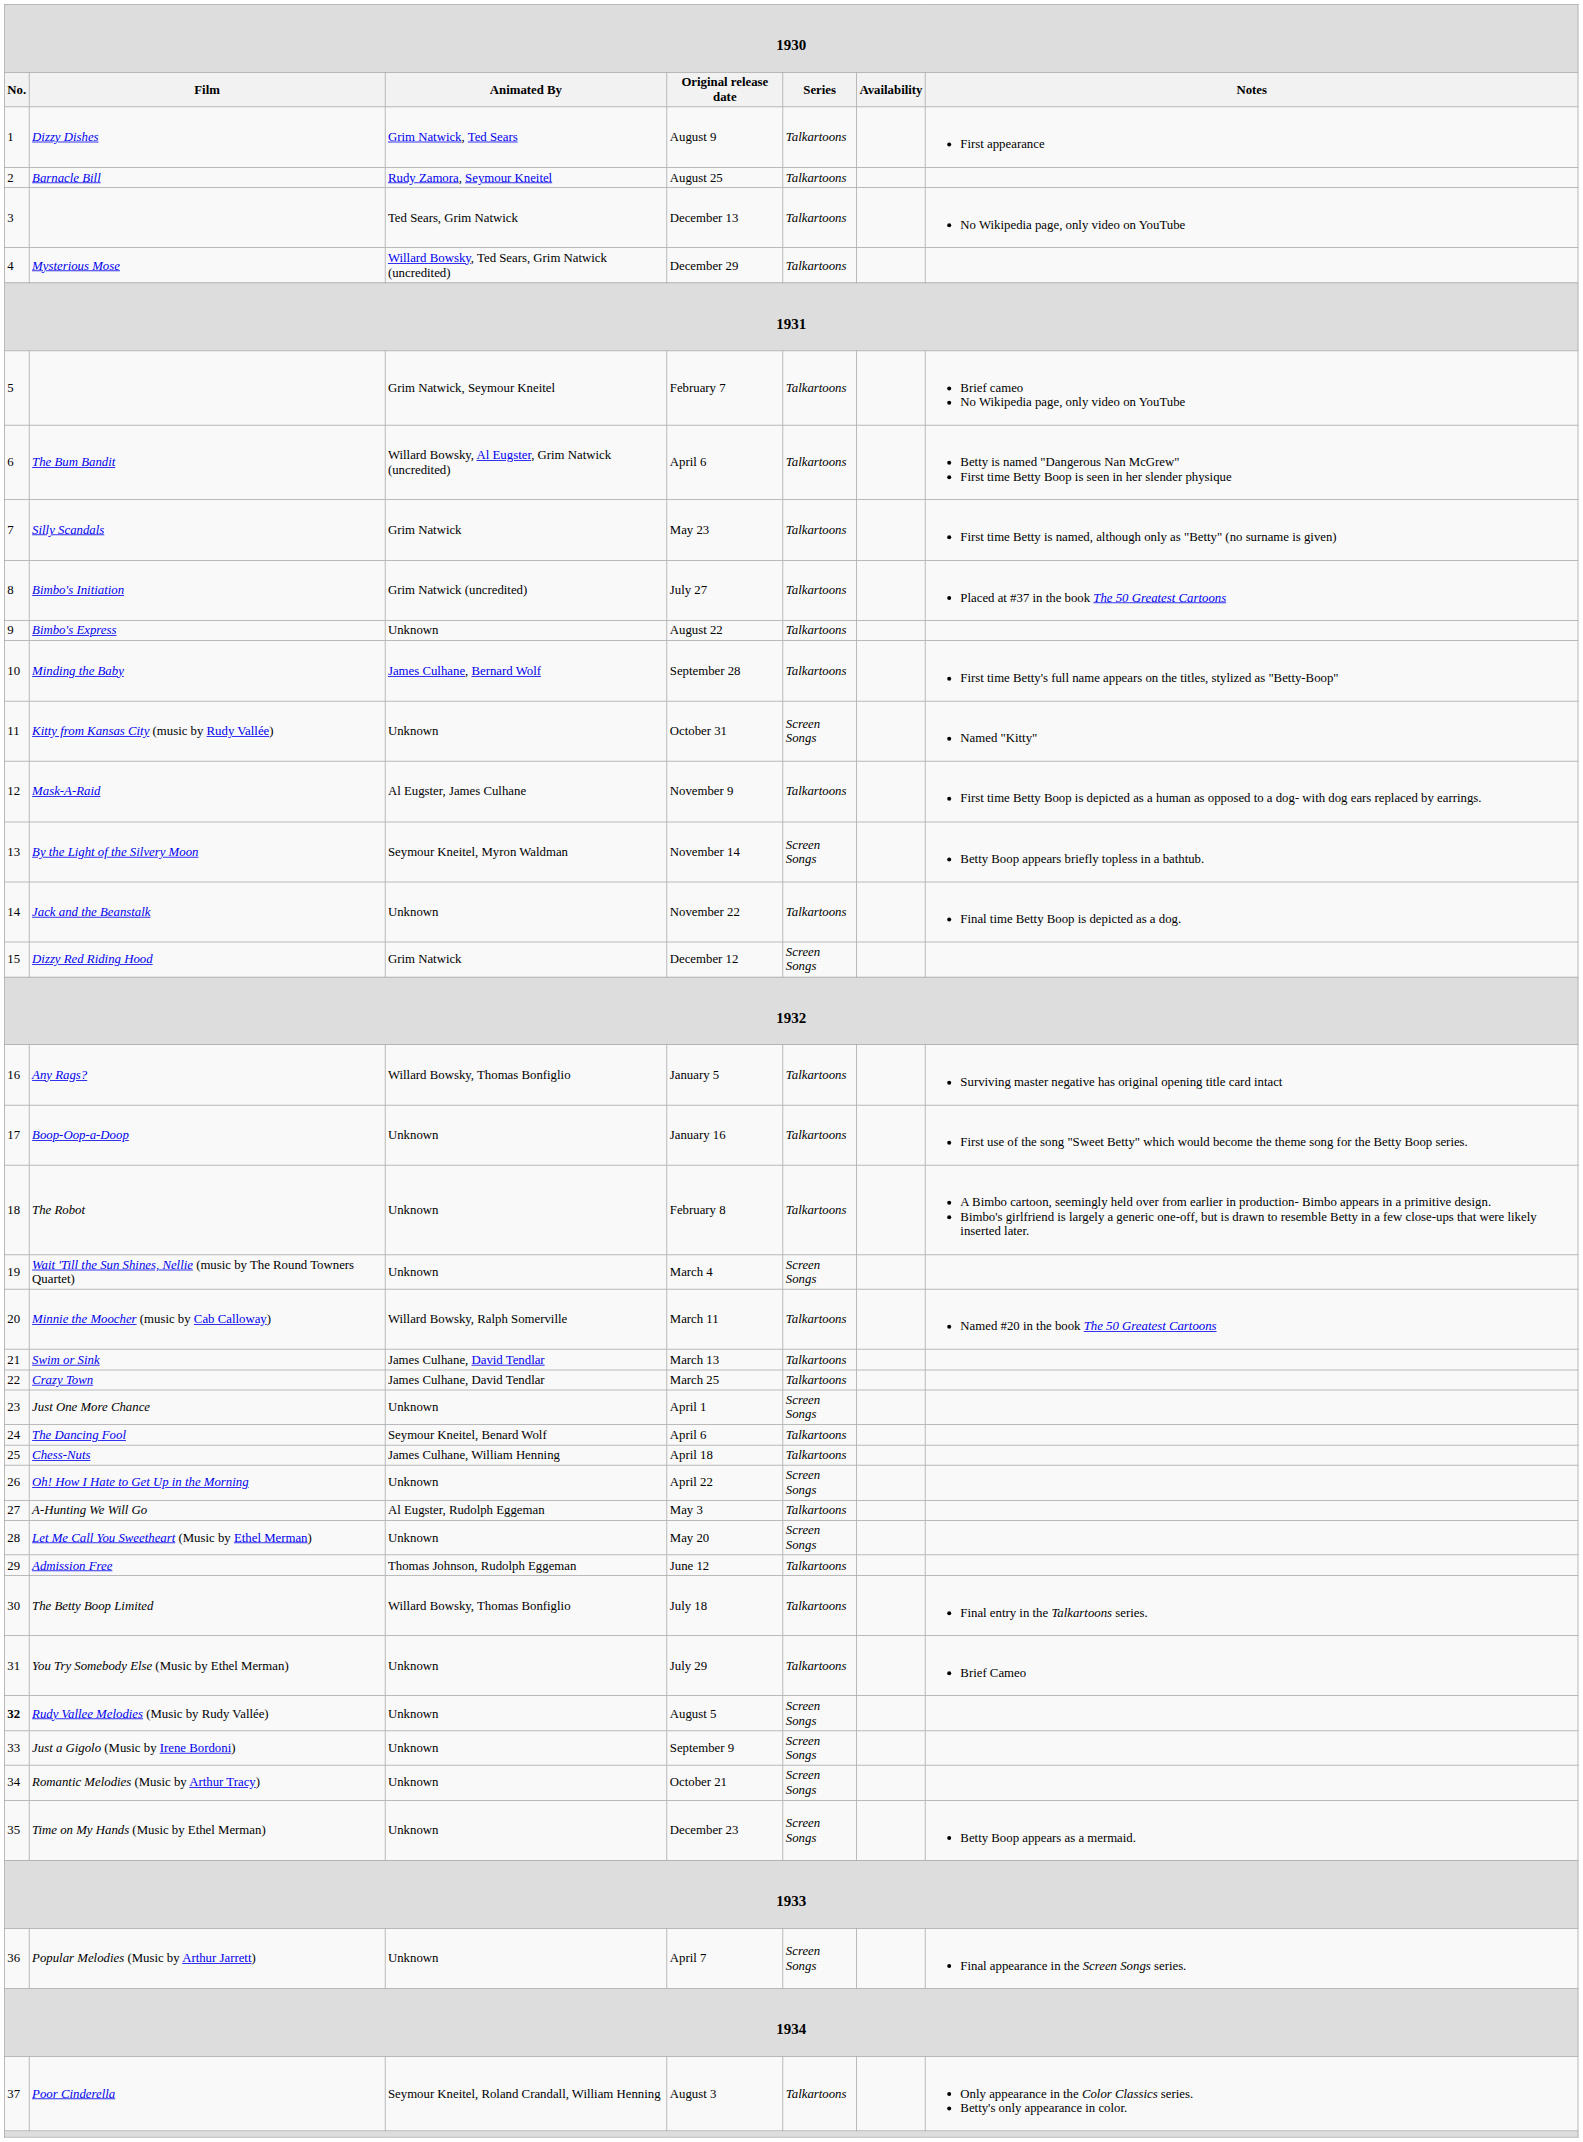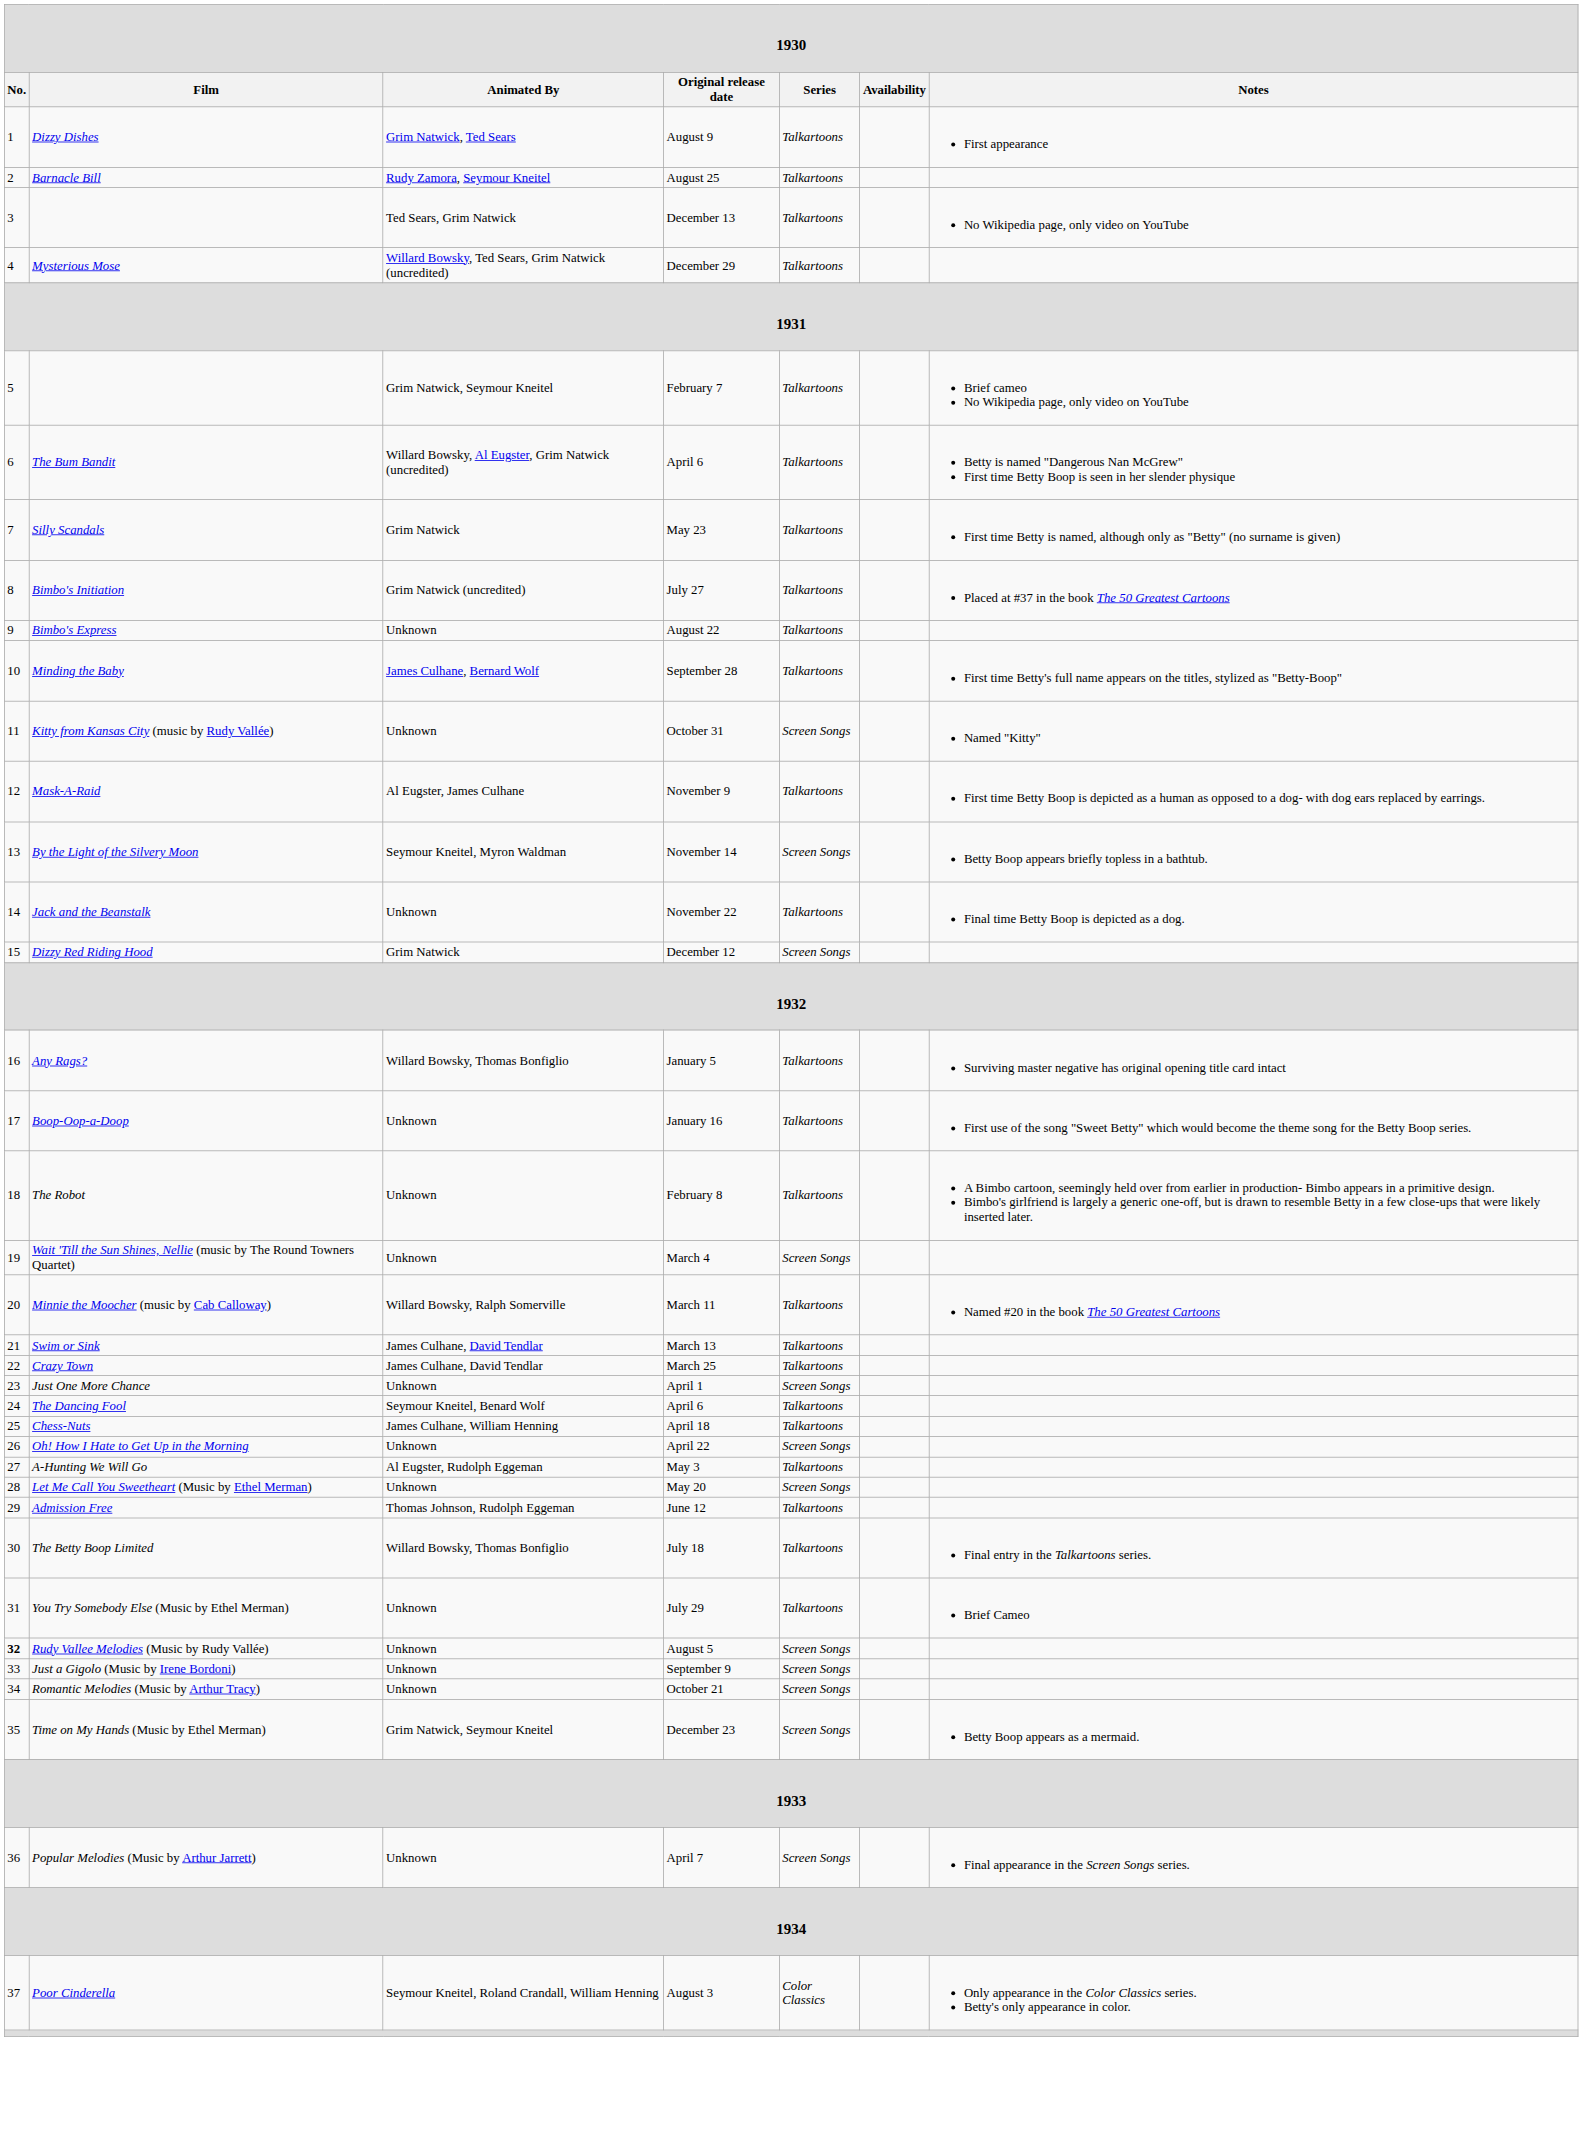 <table class="wikitable sortable">
 <tr>
 <td colspan="7"  style="text-align:center; background:#ddd;"><br><h3>1930</h3></td>
 </tr>
 <tr>
 <th>No.</th>
 <th>Film</th>
 <th>Animated By</th>
 <th>Original release date</th>
 <th>Series</th>
 <th>Availability</th>
 <th>Notes</th>
 </tr>
 <tr>
 <td>1</td>
 <td><em><a href='#'>Dizzy Dishes</a></em></td>
 <td><a href='#'>Grim Natwick</a>, <a href='#'>Ted Sears</a></td>
 <td>August 9</td>
 <td><em>Talkartoons</em></td>
 <td></td>
 <td><br><ul><li>First appearance</li></ul></td>
 </tr>
 <tr>
 <td>2</td>
 <td><em><a href='#'>Barnacle Bill</a></em></td>
 <td><a href='#'>Rudy Zamora</a>, <a href='#'>Seymour Kneitel</a></td>
 <td>August 25</td>
 <td><em>Talkartoons</em></td>
 <td></td>
 <td></td>
 </tr>
 <tr>
 <td>3</td>
 <td></td>
 <td>Ted Sears, Grim Natwick</td>
 <td>December 13</td>
 <td><em>Talkartoons</em></td>
 <td></td>
 <td><br><ul><li>No Wikipedia page, only video on YouTube</li></ul></td>
 </tr>
 <tr>
 <td>4</td>
 <td><em><a href='#'>Mysterious Mose</a></em></td>
 <td><a href='#'>Willard Bowsky</a>, Ted Sears, Grim Natwick (uncredited)</td>
 <td>December 29</td>
 <td><em>Talkartoons</em></td>
 <td></td>
 <td></td>
 </tr>
 <tr>
 <td colspan="7"  style="text-align:center; background:#ddd;"><br><h3>1931</h3></td>
 </tr>
 <tr>
 <td>5</td>
 <td></td>
 <td>Grim Natwick, Seymour Kneitel</td>
 <td>February 7</td>
 <td><em>Talkartoons</em></td>
 <td></td>
 <td><br><ul><li>Brief cameo</li><li>No Wikipedia page, only video on YouTube</li></ul></td>
 </tr>
 <tr>
 <td>6</td>
 <td><em><a href='#'>The Bum Bandit</a></em></td>
 <td>Willard Bowsky, <a href='#'>Al Eugster</a>, Grim Natwick (uncredited)</td>
 <td>April 6</td>
 <td><em>Talkartoons</em></td>
 <td></td>
 <td><br><ul><li>Betty is named "Dangerous Nan McGrew"</li><li>First time Betty Boop is seen in her slender physique</li></ul></td>
 </tr>
 <tr>
 <td>7</td>
 <td><em><a href='#'>Silly Scandals</a></em></td>
 <td>Grim Natwick</td>
 <td>May 23</td>
 <td><em>Talkartoons</em></td>
 <td></td>
 <td><br><ul><li>First time Betty is named, although only as "Betty" (no surname is given)</li></ul></td>
 </tr>
 <tr>
 <td>8</td>
 <td><em><a href='#'>Bimbo's Initiation</a></em></td>
 <td>Grim Natwick (uncredited)</td>
 <td>July 27</td>
 <td><em>Talkartoons</em></td>
 <td></td>
 <td><br><ul><li>Placed at #37 in the book <em><a href='#'>The 50 Greatest Cartoons</a></em></li></ul></td>
 </tr>
 <tr>
 <td>9</td>
 <td><em><a href='#'>Bimbo's Express</a></em></td>
 <td>Unknown</td>
 <td>August 22</td>
 <td><em>Talkartoons</em></td>
 <td></td>
 <td></td>
 </tr>
 <tr>
 <td>10</td>
 <td><em><a href='#'>Minding the Baby</a></em></td>
 <td><a href='#'>James Culhane</a>, <a href='#'>Bernard Wolf</a></td>
 <td>September 28</td>
 <td><em>Talkartoons</em></td>
 <td></td>
 <td><br><ul><li>First time Betty's full name appears on the titles, stylized as "Betty-Boop"</li></ul></td>
 </tr>
 <tr>
 <td>11</td>
 <td><em><a href='#'>Kitty from Kansas City</a></em> (music by <a href='#'>Rudy Vallée</a>)</td>
 <td>Unknown</td>
 <td>October 31</td>
 <td><em>Screen Songs</em></td>
 <td></td>
 <td><br><ul><li>Named "Kitty"</li></ul></td>
 </tr>
 <tr>
 <td>12</td>
 <td><em><a href='#'>Mask-A-Raid</a></em></td>
 <td>Al Eugster, James Culhane</td>
 <td>November 9</td>
 <td><em>Talkartoons</em></td>
 <td></td>
 <td><br><ul><li>First time Betty Boop is depicted as a human as opposed to a dog- with dog ears replaced by earrings.</li></ul></td>
 </tr>
 <tr>
 <td>13</td>
 <td><em><a href='#'>By the Light of the Silvery Moon</a></em></td>
 <td>Seymour Kneitel, Myron Waldman</td>
 <td>November 14</td>
 <td><em>Screen Songs</em></td>
 <td></td>
 <td><br><ul><li>Betty Boop appears briefly topless in a bathtub.</li></ul></td>
 </tr>
 <tr>
 <td>14</td>
 <td><em><a href='#'>Jack and the Beanstalk</a></em></td>
 <td>Unknown</td>
 <td>November 22</td>
 <td><em>Talkartoons</em></td>
 <td></td>
 <td><br><ul><li>Final time Betty Boop is depicted as a dog.</li></ul></td>
 </tr>
 <tr>
 <td>15</td>
 <td><em><a href='#'>Dizzy Red Riding Hood</a></em></td>
 <td>Grim Natwick</td>
 <td>December 12</td>
 <td><em>Screen Songs</em></td>
 <td></td>
 <td></td>
 </tr>
 <tr>
 <td colspan="7"  style="text-align:center; background:#ddd;"><br><h3>1932</h3></td>
 </tr>
 <tr>
 <td>16</td>
 <td><em><a href='#'>Any Rags?</a></em></td>
 <td>Willard Bowsky, Thomas Bonfiglio</td>
 <td>January 5</td>
 <td><em>Talkartoons</em></td>
 <td></td>
 <td><br><ul><li>Surviving master negative has original opening title card intact</li></ul></td>
 </tr>
 <tr>
 <td>17</td>
 <td><em><a href='#'>Boop-Oop-a-Doop</a></em></td>
 <td>Unknown</td>
 <td>January 16</td>
 <td><em>Talkartoons</em></td>
 <td></td>
 <td><br><ul><li>First use of the song "Sweet Betty" which would become the theme song for the Betty Boop series.</li></ul></td>
 </tr>
 <tr>
 <td>18</td>
 <td><em>The Robot</em></td>
 <td>Unknown</td>
 <td>February 8</td>
 <td><em>Talkartoons</em></td>
 <td></td>
 <td><br><ul><li>A Bimbo cartoon, seemingly held over from earlier in production- Bimbo appears in a primitive design.</li><li>Bimbo's girlfriend is largely a generic one-off, but is drawn to resemble Betty in a few close-ups that were likely inserted later.</li></ul></td>
 </tr>
 <tr>
 <td>19</td>
 <td><em><a href='#'>Wait 'Till the Sun Shines, Nellie</a></em> (music by The Round Towners Quartet)</td>
 <td>Unknown</td>
 <td>March 4</td>
 <td><em>Screen Songs</em></td>
 <td></td>
 <td></td>
 </tr>
 <tr>
 <td>20</td>
 <td><em><a href='#'>Minnie the Moocher</a></em> (music by <a href='#'>Cab Calloway</a>)</td>
 <td>Willard Bowsky, Ralph Somerville</td>
 <td>March 11</td>
 <td><em>Talkartoons</em></td>
 <td></td>
 <td><br><ul><li>Named #20 in the book <em><a href='#'>The 50 Greatest Cartoons</a></em></li></ul></td>
 </tr>
 <tr>
 <td>21</td>
 <td><em><a href='#'>Swim or Sink</a></em></td>
 <td>James Culhane, <a href='#'>David Tendlar</a></td>
 <td>March 13</td>
 <td><em>Talkartoons</em></td>
 <td></td>
 <td></td>
 </tr>
 <tr>
 <td>22</td>
 <td><em><a href='#'>Crazy Town</a></em></td>
 <td>James Culhane, David Tendlar</td>
 <td>March 25</td>
 <td><em>Talkartoons</em></td>
 <td></td>
 <td></td>
 </tr>
 <tr>
 <td>23</td>
 <td><em>Just One More Chance</em></td>
 <td>Unknown</td>
 <td>April 1</td>
 <td><em>Screen Songs</em></td>
 <td></td>
 <td></td>
 </tr>
 <tr>
 <td>24</td>
 <td><em><a href='#'>The Dancing Fool</a></em></td>
 <td>Seymour Kneitel, Benard Wolf</td>
 <td>April 6</td>
 <td><em>Talkartoons</em></td>
 <td></td>
 <td></td>
 </tr>
 <tr>
 <td>25</td>
 <td><em><a href='#'>Chess-Nuts</a></em></td>
 <td>James Culhane, William Henning</td>
 <td>April 18</td>
 <td><em>Talkartoons</em></td>
 <td></td>
 <td></td>
 </tr>
 <tr>
 <td>26</td>
 <td><em><a href='#'>Oh! How I Hate to Get Up in the Morning</a></em></td>
 <td>Unknown</td>
 <td>April 22</td>
 <td><em>Screen Songs</em></td>
 <td></td>
 <td></td>
 </tr>
 <tr>
 <td>27</td>
 <td><em>A-Hunting We Will Go</em></td>
 <td>Al Eugster, Rudolph Eggeman</td>
 <td>May 3</td>
 <td><em>Talkartoons</em></td>
 <td></td>
 <td></td>
 </tr>
 <tr>
 <td>28</td>
 <td><em><a href='#'>Let Me Call You Sweetheart</a></em> (Music by <a href='#'>Ethel Merman</a>)</td>
 <td>Unknown</td>
 <td>May 20</td>
 <td><em>Screen Songs</em></td>
 <td></td>
 <td></td>
 </tr>
 <tr>
 <td>29</td>
 <td><em><a href='#'>Admission Free</a></em></td>
 <td>Thomas Johnson, Rudolph Eggeman</td>
 <td>June 12</td>
 <td><em>Talkartoons</em></td>
 <td></td>
 <td></td>
 </tr>
 <tr>
 <td>30</td>
 <td><em>The Betty Boop Limited</em></td>
 <td>Willard Bowsky, Thomas Bonfiglio</td>
 <td>July 18</td>
 <td><em>Talkartoons</em></td>
 <td></td>
 <td><br><ul><li>Final entry in the <em>Talkartoons</em> series.</li></ul></td>
 </tr>
 <tr>
 <td>31</td>
 <td><em>You Try Somebody Else</em> (Music by Ethel Merman)</td>
 <td>Unknown</td>
 <td>July 29</td>
 <td><em>Talkartoons</em></td>
 <td></td>
 <td><br><ul><li>Brief Cameo</li></ul></td>
 </tr>
 <tr>
 <td><strong>32</strong></td>
 <td><em><a href='#'>Rudy Vallee Melodies</a></em> (Music by Rudy Vallée)</td>
 <td>Unknown</td>
 <td>August 5</td>
 <td><em>Screen Songs</em></td>
 <td></td>
 <td></td>
 </tr>
 <tr>
 <td>33</td>
 <td><em>Just a Gigolo</em> (Music by <a href='#'>Irene Bordoni</a>)</td>
 <td>Unknown</td>
 <td>September 9</td>
 <td><em>Screen Songs</em></td>
 <td></td>
 <td></td>
 </tr>
 <tr>
 <td>34</td>
 <td><em>Romantic Melodies</em> (Music by <a href='#'>Arthur Tracy</a>)</td>
 <td>Unknown</td>
 <td>October 21</td>
 <td><em>Screen Songs</em></td>
 <td></td>
 <td></td>
 </tr>
 <tr>
 <td>35</td>
 <td><em>Time on My Hands</em> (Music by Ethel Merman)</td>
-<td>Unknown</td>
+<td>Grim Natwick, Seymour Kneitel</td>
 <td>December 23</td>
 <td><em>Screen Songs</em></td>
 <td></td>
 <td><br><ul><li>Betty Boop appears as a mermaid.</li></ul></td>
 </tr>
 <tr>
 <td colspan="7"  style="text-align:center; background:#ddd;"><br><h3>1933</h3></td>
 </tr>
 <tr>
 <td>36</td>
 <td><em>Popular Melodies</em> (Music by <a href='#'>Arthur Jarrett</a>)</td>
 <td>Unknown</td>
 <td>April 7</td>
 <td><em>Screen Songs</em></td>
 <td></td>
 <td><br><ul><li>Final appearance in the <em>Screen Songs</em> series.</li></ul></td>
 </tr>
 <tr>
 <td colspan="7"  style="text-align:center; background:#ddd;"><br><h3>1934</h3></td>
 </tr>
 <tr>
 <td>37</td>
 <td><em><a href='#'>Poor Cinderella</a></em></td>
 <td>Seymour Kneitel, Roland Crandall, William Henning</td>
 <td>August 3</td>
-<td><em>Talkartoons</em></td>
+<td><em>Color Classics</em></td>
 <td></td>
 <td><br><ul><li>Only appearance in the <em>Color Classics</em> series.</li><li>Betty's only appearance in color.</li></ul></td>
 </tr>
 <tr>
 <td colspan="7"  style="text-align:center; background:#ddd;"></td>
 </tr>
 </table>
